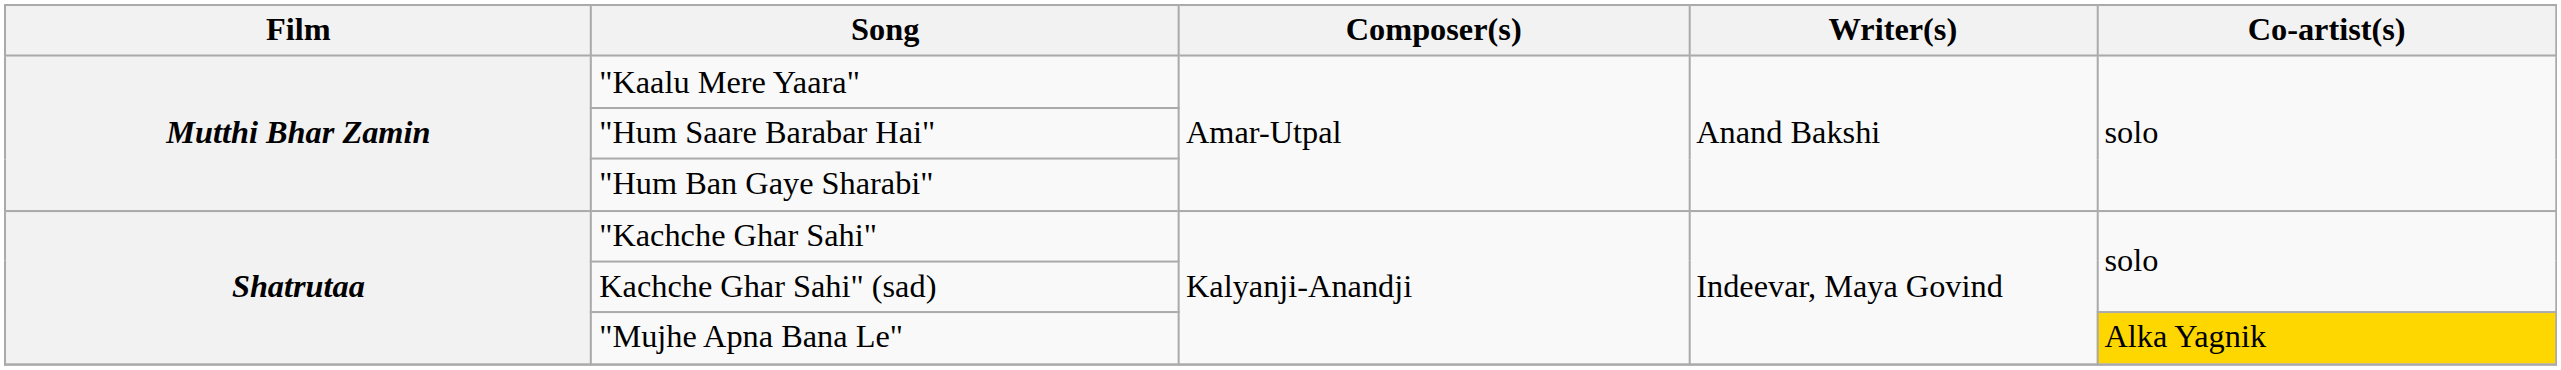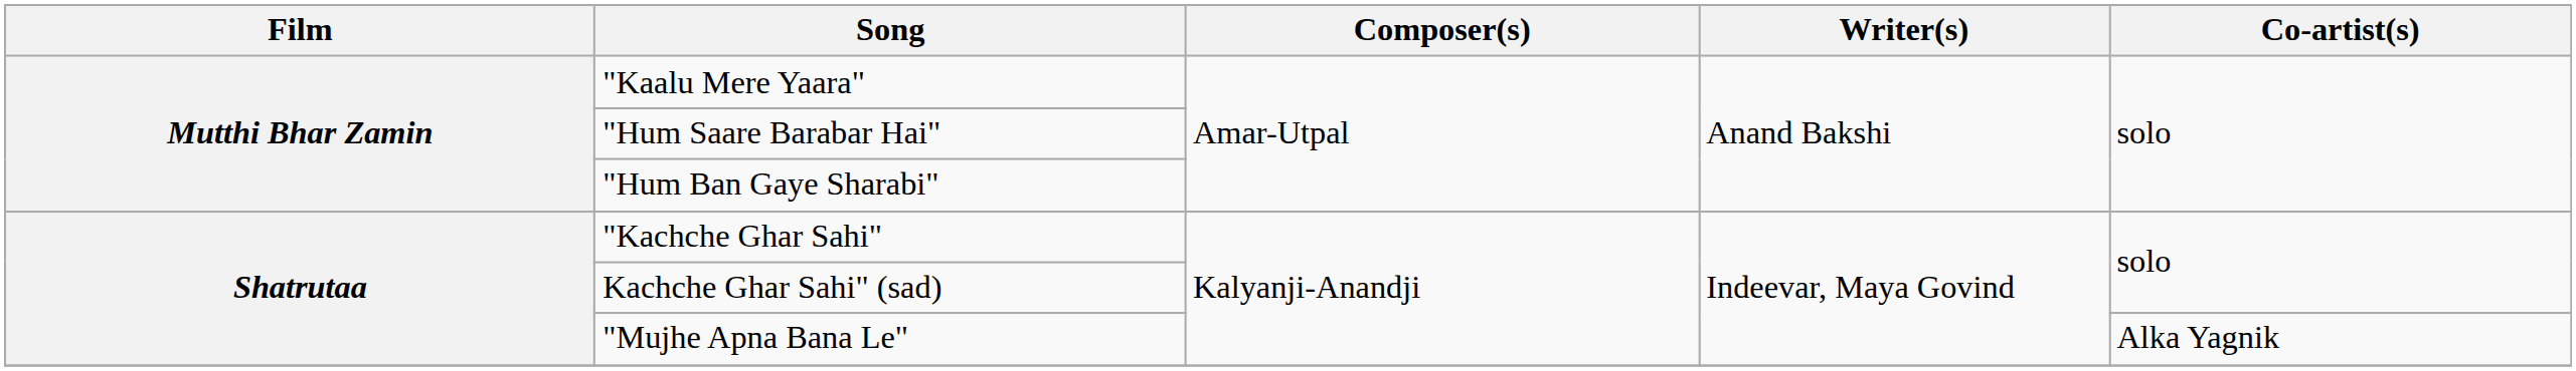 <table class="wikitable plainrowheaders" width="100%" textcolor:#000;">
 <tr style="background:#b0e0e66;">
 <th scope="col" width=23%><strong>Film</strong></th>
 <th scope="col" width=23%><strong>Song</strong></th>
 <th scope="col" width=20%><strong>Composer(s)</strong></th>
 <th scope="col" width=16%><strong>Writer(s)</strong></th>
 <th scope="col" width=18%><strong>Co-artist(s)</strong></th>
 </tr>
 <tr>
 <th rowspan=3><em>Mutthi Bhar Zamin</em></th>
 <td>"Kaalu Mere Yaara"</td>
 <td rowspan=3>Amar-Utpal</td>
 <td rowspan=3>Anand Bakshi</td>
 <td rowspan=3>solo</td>
 </tr>
 <tr>
 <td>"Hum Saare Barabar Hai"</td>
 </tr>
 <tr>
 <td>"Hum Ban Gaye Sharabi"</td>
 </tr>
 <tr>
 <th rowspan=3><em>Shatrutaa</em></th>
 <td>"Kachche Ghar Sahi"</td>
 <td rowspan=3>Kalyanji-Anandji</td>
 <td rowspan=3>Indeevar, Maya Govind</td>
 <td rowspan=2>solo</td>
 </tr>
 <tr>
 <td>Kachche Ghar Sahi" (sad)</td>
 </tr>
 <tr>
 <td>"Mujhe Apna Bana Le"</td>
-<td style="background: gold;">Alka Yagnik</td>
+<td>Alka Yagnik</td>
 </tr>
 <tr>
 </tr>
 </table>
